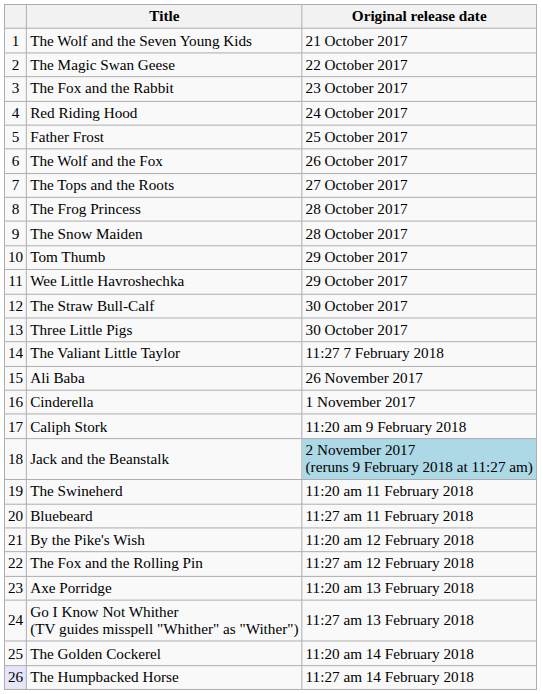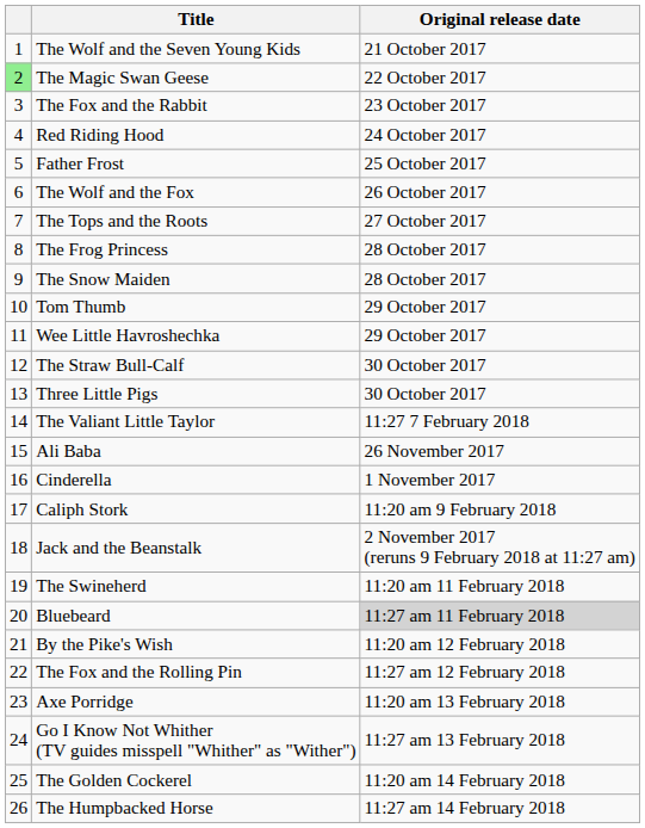 <table class="wikitable sortable mw-collapsible">
 <tr>
 <th></th>
 <th>Title</th>
 <th>Original release date</th>
 </tr>
 <tr>
 <td style="text-align: center;">1</td>
 <td>The Wolf and the Seven Young Kids</td>
 <td>21 October 2017</td>
 </tr>
 <tr>
-<td style="text-align: center;">2</td>
+<td style="background: lightgreen; text-align: center;">2</td>
 <td>The Magic Swan Geese</td>
 <td>22 October 2017</td>
 </tr>
 <tr>
 <td style="text-align: center;">3</td>
 <td>The Fox and the Rabbit</td>
 <td>23 October 2017</td>
 </tr>
 <tr>
 <td style="text-align: center;">4</td>
 <td>Red Riding Hood</td>
 <td>24 October 2017</td>
 </tr>
 <tr>
 <td style="text-align: center;">5</td>
 <td>Father Frost</td>
 <td>25 October 2017</td>
 </tr>
 <tr>
 <td style="text-align: center;">6</td>
 <td>The Wolf and the Fox</td>
 <td>26 October 2017</td>
 </tr>
 <tr>
 <td style="text-align: center;">7</td>
 <td>The Tops and the Roots</td>
 <td>27 October 2017</td>
 </tr>
 <tr>
 <td style="text-align: center;">8</td>
 <td>The Frog Princess</td>
 <td>28 October 2017</td>
 </tr>
 <tr>
 <td style="text-align: center;">9</td>
 <td>The Snow Maiden</td>
 <td>28 October 2017</td>
 </tr>
 <tr>
 <td style="text-align: center;">10</td>
 <td>Tom Thumb</td>
 <td>29 October 2017</td>
 </tr>
 <tr>
 <td style="text-align: center;">11</td>
 <td>Wee Little Havroshechka</td>
 <td>29 October 2017</td>
 </tr>
 <tr>
 <td style="text-align: center;">12</td>
 <td>The Straw Bull-Calf</td>
 <td>30 October 2017</td>
 </tr>
 <tr>
 <td style="text-align: center;">13</td>
 <td>Three Little Pigs</td>
 <td>30 October 2017</td>
 </tr>
 <tr>
 <td style="text-align: center;">14</td>
 <td>The Valiant Little Taylor</td>
 <td>11:27 7 February 2018</td>
 </tr>
 <tr>
 <td style="text-align: center;">15</td>
 <td>Ali Baba</td>
 <td>26 November 2017</td>
 </tr>
 <tr>
 <td style="text-align: center;">16</td>
 <td>Cinderella</td>
 <td>1 November 2017</td>
 </tr>
 <tr>
 <td style="text-align: center;">17</td>
 <td>Caliph Stork</td>
 <td>11:20 am 9 February 2018</td>
 </tr>
 <tr>
 <td style="text-align: center;">18</td>
 <td>Jack and the Beanstalk</td>
-<td style="background: lightblue;">2 November 2017<br>(reruns 9 February 2018 at 11:27 am)</td>
+<td>2 November 2017<br>(reruns 9 February 2018 at 11:27 am)</td>
 </tr>
 <tr>
 <td style="text-align: center;">19</td>
 <td>The Swineherd</td>
 <td>11:20 am 11 February 2018</td>
 </tr>
 <tr>
 <td style="text-align: center;">20</td>
 <td>Bluebeard</td>
-<td>11:27 am 11 February 2018</td>
+<td style="background: lightgrey;">11:27 am 11 February 2018</td>
 </tr>
 <tr>
 <td style="text-align: center;">21</td>
 <td>By the Pike's Wish</td>
 <td>11:20 am 12 February 2018</td>
 </tr>
 <tr>
 <td style="text-align: center;">22</td>
 <td>The Fox and the Rolling Pin</td>
 <td>11:27 am 12 February 2018</td>
 </tr>
 <tr>
 <td style="text-align: center;">23</td>
 <td>Axe Porridge</td>
 <td>11:20 am 13 February 2018</td>
 </tr>
 <tr>
 <td style="text-align: center;">24</td>
 <td>Go I Know Not Whither<br>(TV guides misspell "Whither" as "Wither")</td>
 <td>11:27 am 13 February 2018</td>
 </tr>
 <tr>
 <td style="text-align: center;">25</td>
 <td>The Golden Cockerel</td>
 <td>11:20 am 14 February 2018</td>
 </tr>
 <tr>
-<td style="background: lavender; text-align: center;">26</td>
+<td style="text-align: center;">26</td>
 <td>The Humpbacked Horse</td>
 <td>11:27 am 14 February 2018</td>
 </tr>
 </table>
